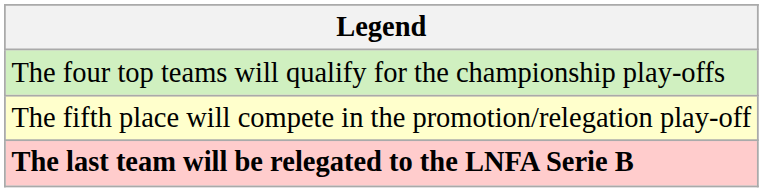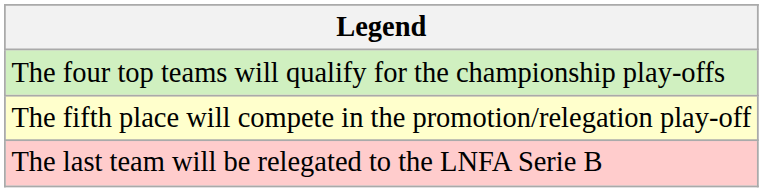 <table class="wikitable">
 <tr>
 <th>Legend</th>
 </tr>
 <tr bgcolor=#D0F0C0>
 <td>The four top teams will qualify for the championship play-offs</td>
 </tr>
 <tr bgcolor=#ffffcc>
 <td>The fifth place will compete in the promotion/relegation play-off</td>
 </tr>
 <tr bgcolor=#FFCCCC>
-<td><strong>The last team will be relegated to the LNFA Serie B</strong></td>
+<td>The last team will be relegated to the LNFA Serie B</td>
 </tr>
 </table>
